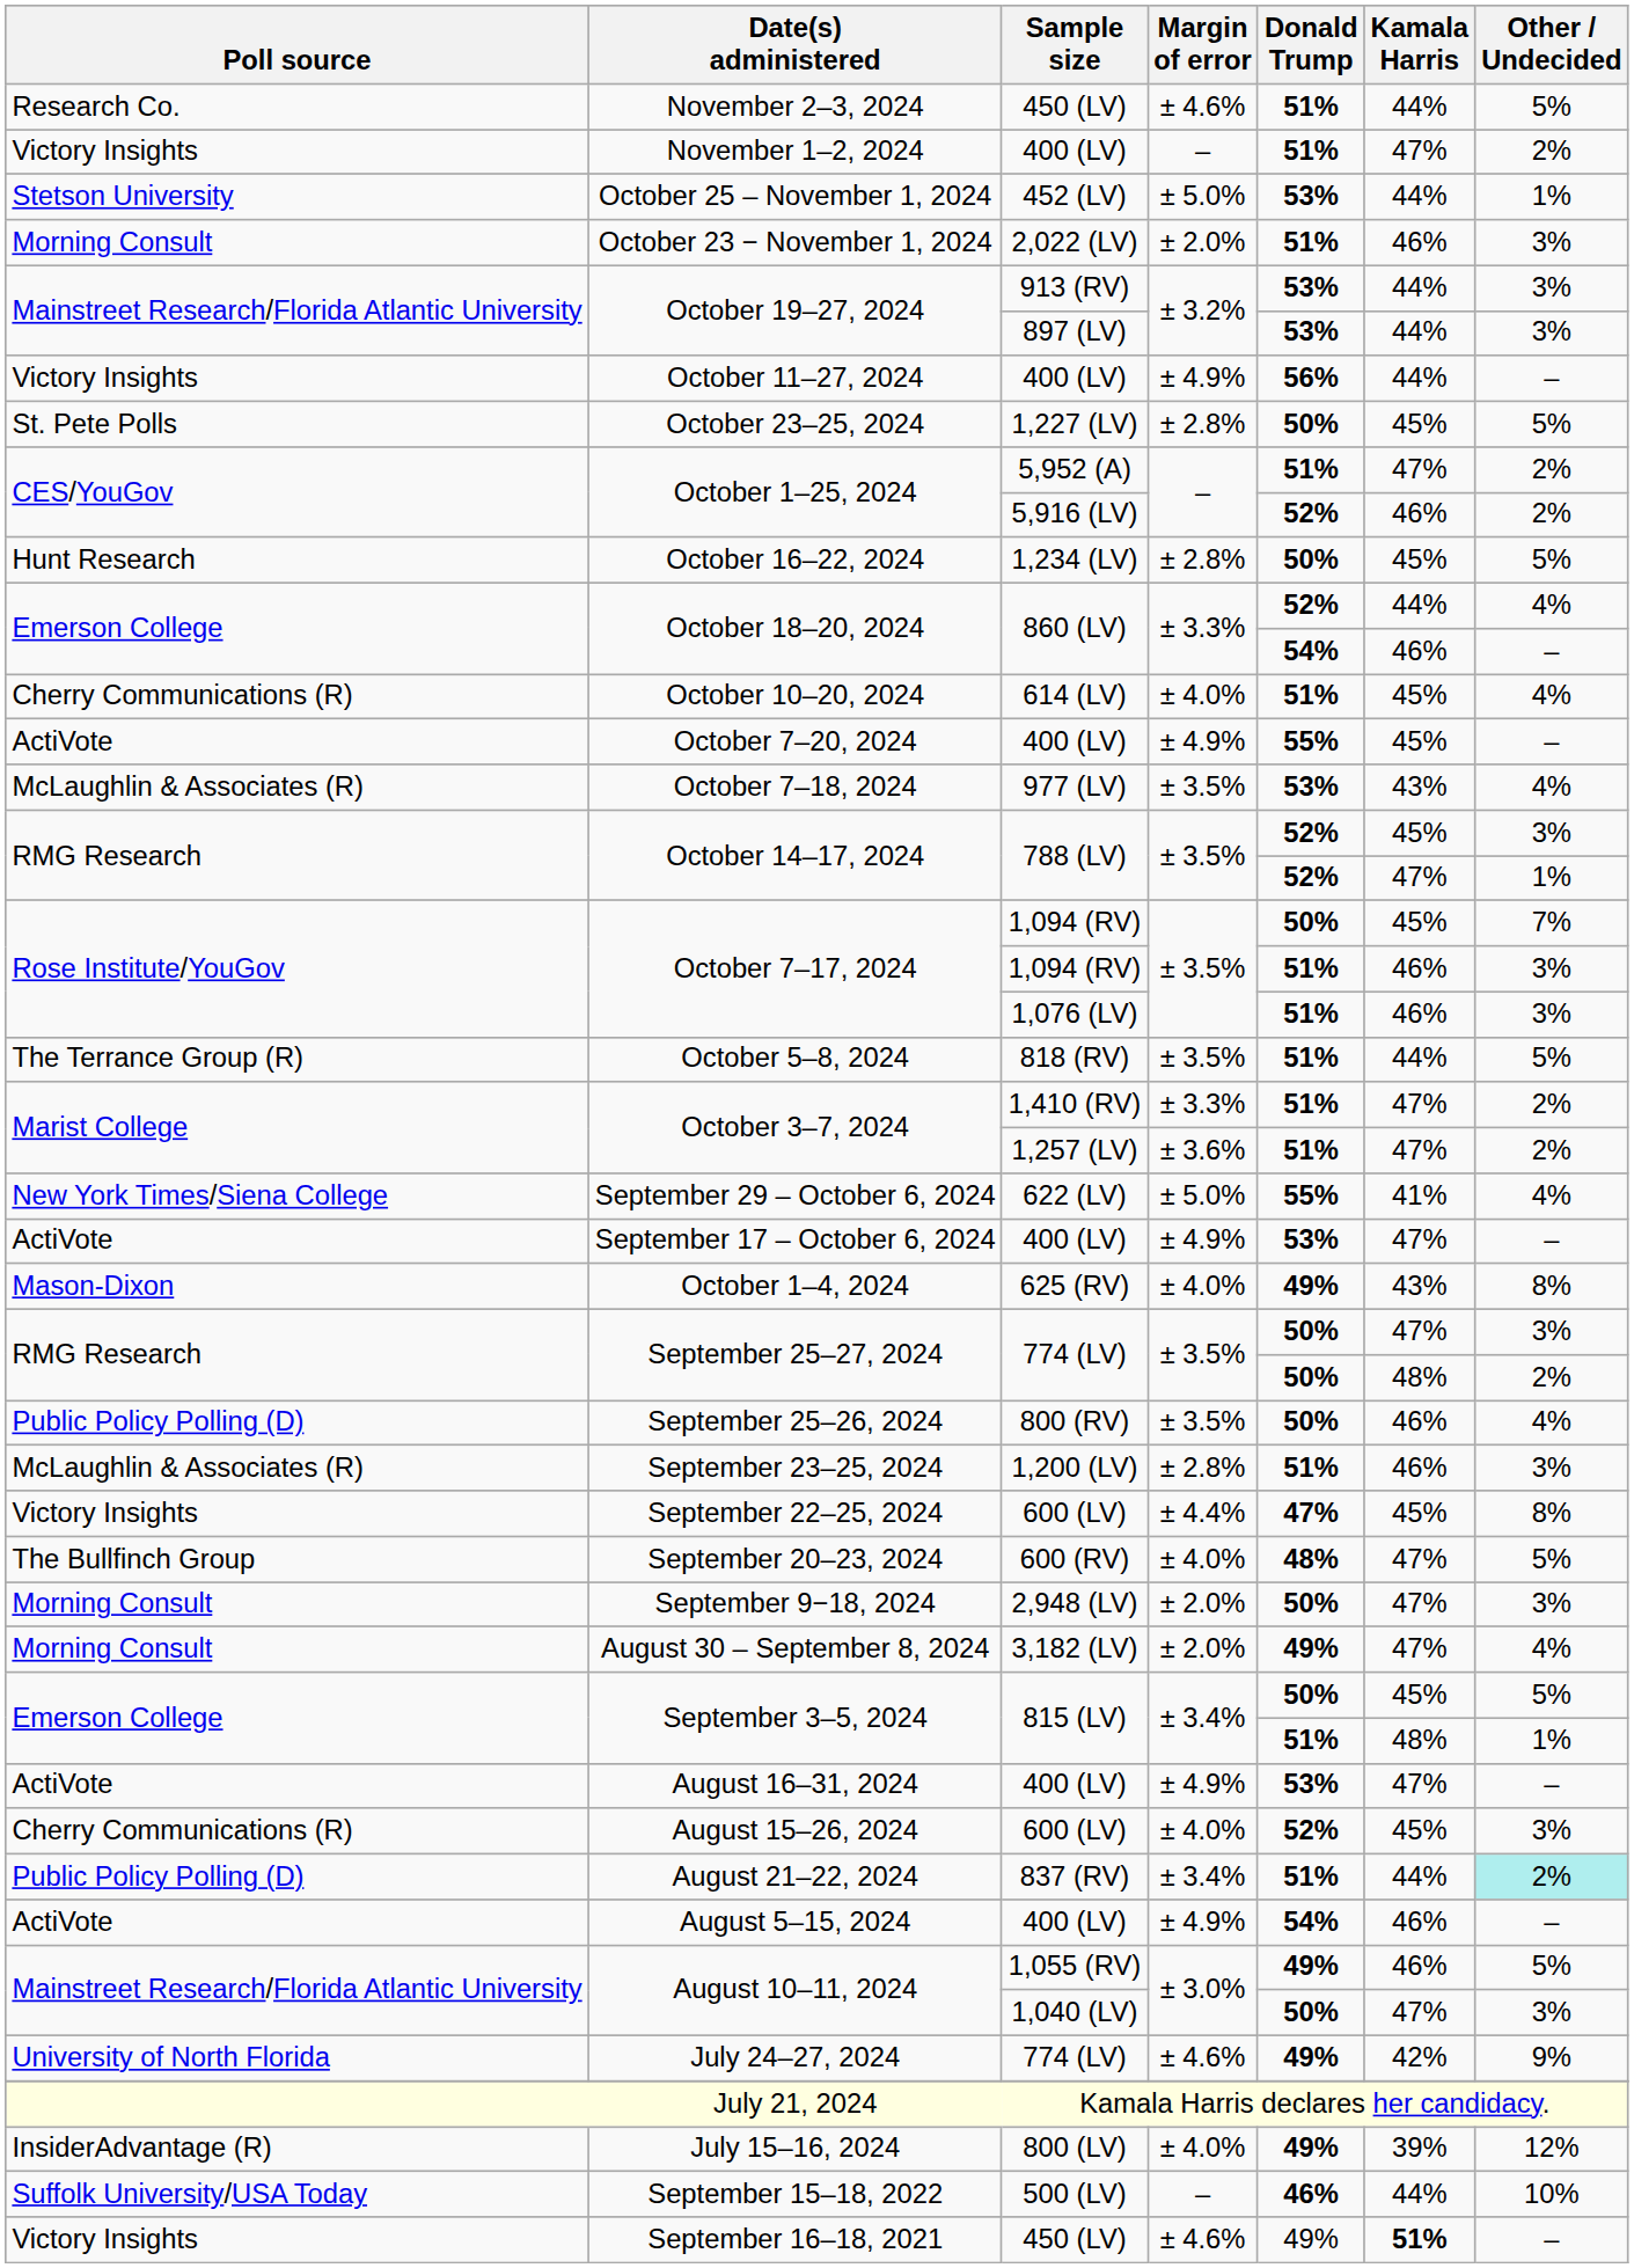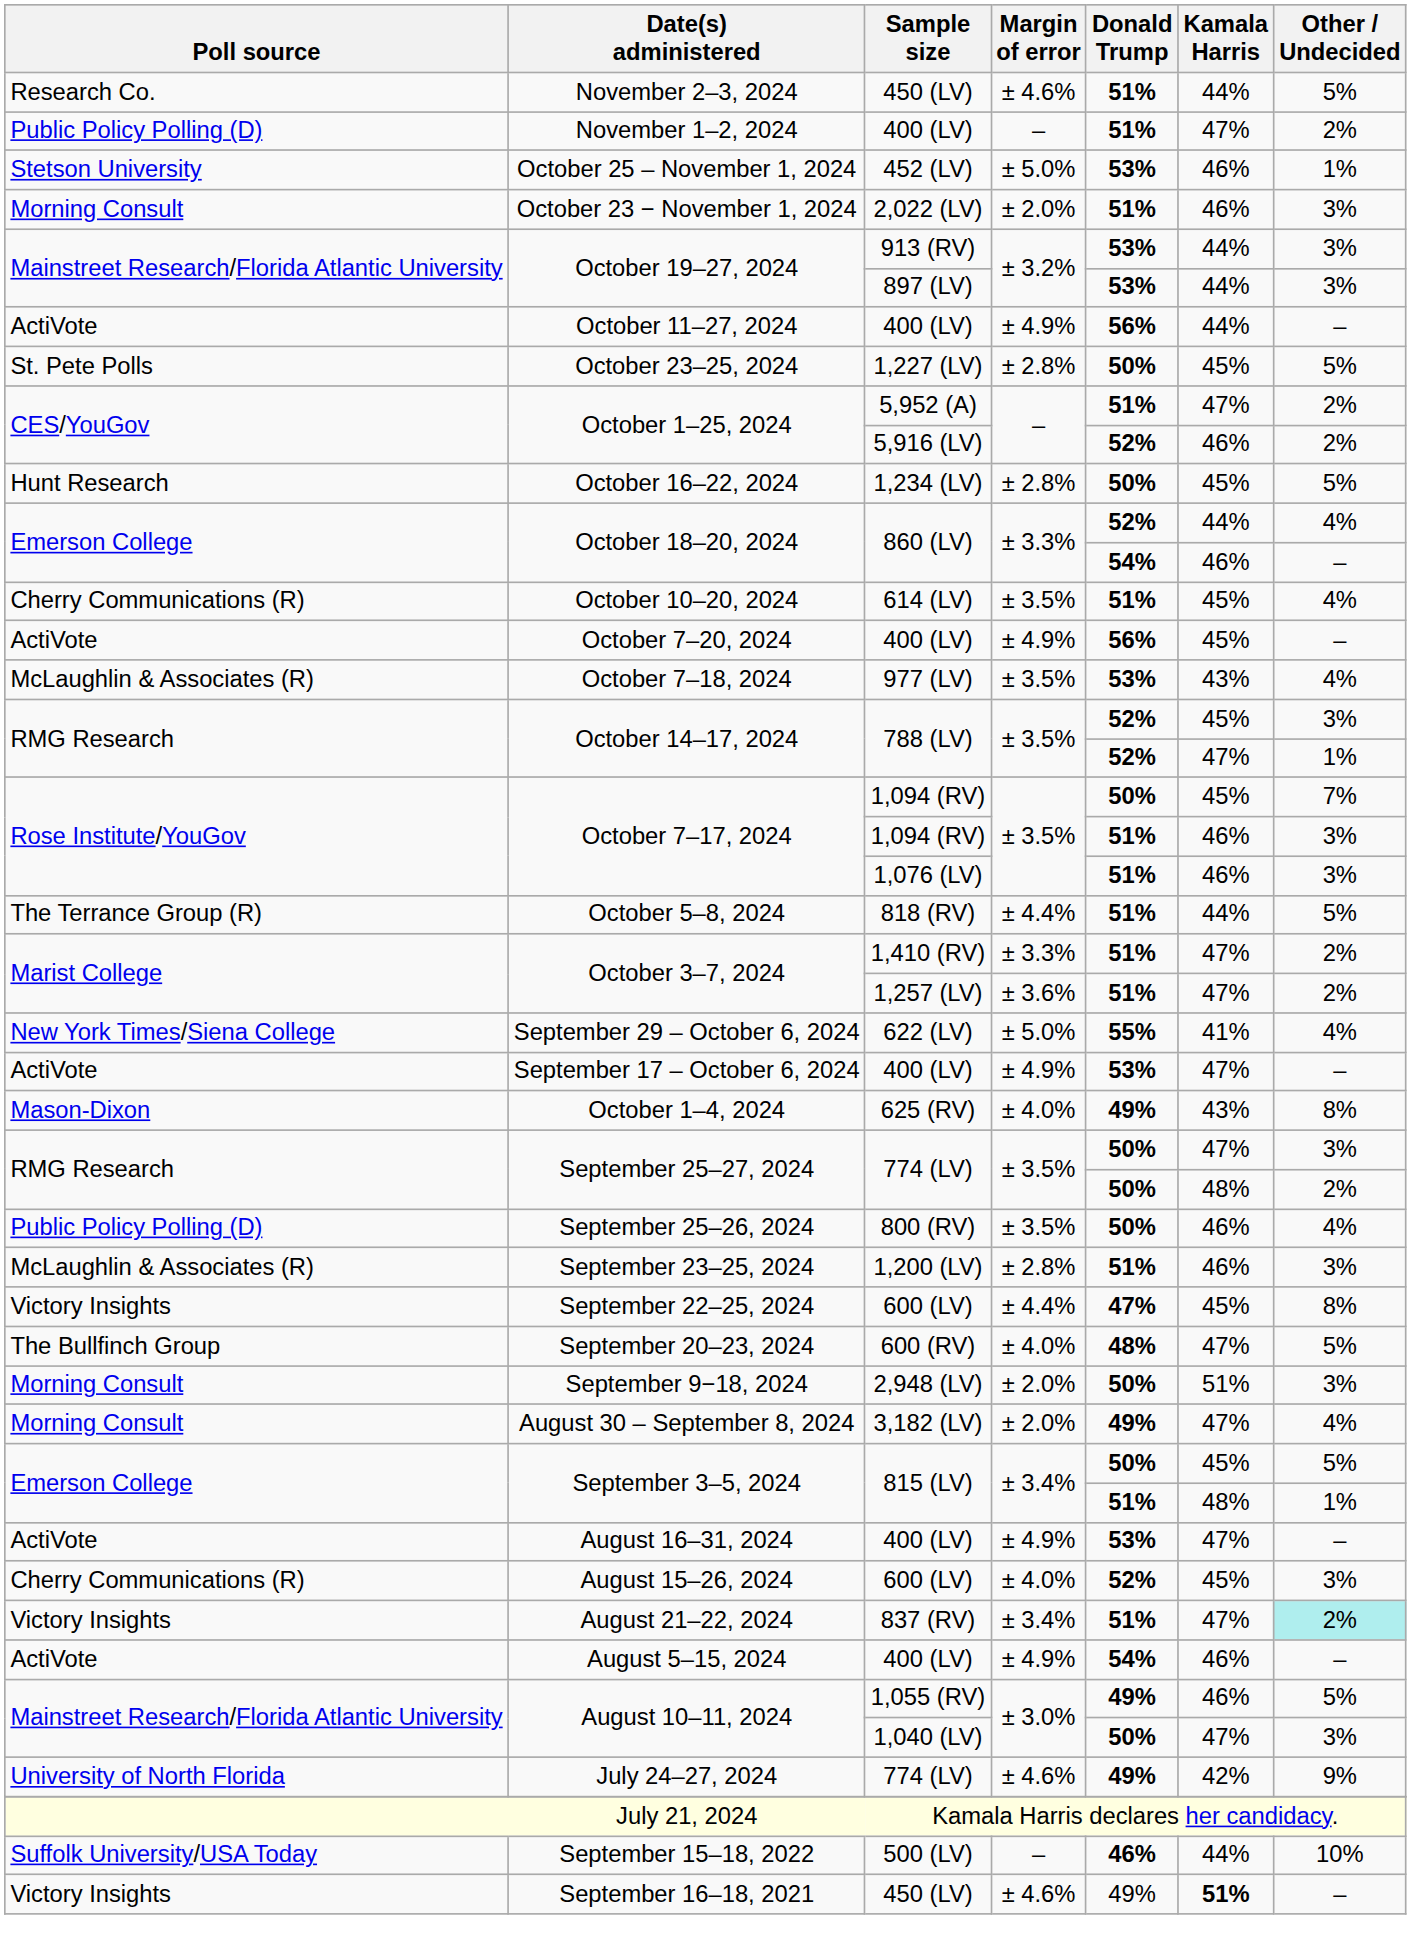 <table class="wikitable sortable mw-datatable" style="font-size:90%;text-align:center;line-height:17px">
 <tr valign="bottom">
 <th>Poll source</th>
 <th>Date(s)<br>administered</th>
 <th>Sample<br>size</th>
 <th>Margin<br>of error</th>
 <th class="unsortable">Donald<br>Trump<br></th>
 <th class="unsortable">Kamala<br>Harris<br></th>
 <th class="unsortable">Other /<br>Undecided</th>
 </tr>
 <tr>
 <td style="text-align:left;">Research Co.</td>
 <td data-sort-value="2024-11-03">November 2–3, 2024</td>
 <td>450 (LV)</td>
 <td>± 4.6%</td>
 <td style="background-color:"><strong>51%</strong></td>
 <td>44%</td>
 <td>5%</td>
 </tr>
 <tr>
-<td style="text-align:left;">Victory Insights</td>
+<td style="text-align:left;"><a href='#'>Public Policy Polling (D)</a></td>
 <td data-sort-value="2024-11-02">November 1–2, 2024</td>
 <td>400 (LV)</td>
 <td>–</td>
 <td style="background-color:"><strong>51%</strong></td>
 <td>47%</td>
 <td>2%</td>
 </tr>
 <tr>
 <td style="text-align:left;"><a href='#'>Stetson University</a></td>
 <td data-sort-value="2024-10-27">October 25 – November 1, 2024</td>
 <td>452 (LV)</td>
 <td>± 5.0%</td>
 <td style="background-color:"><strong>53%</strong></td>
-<td>44%</td>
+<td>46%</td>
 <td>1%</td>
 </tr>
 <tr>
 <td style="text-align:left;"><a href='#'>Morning Consult</a></td>
 <td data-sort-value="2024-11-01">October 23 − November 1, 2024</td>
 <td>2,022 (LV)</td>
 <td>± 2.0%</td>
 <td style="background-color:"><strong>51%</strong></td>
 <td>46%</td>
 <td>3%</td>
 </tr>
 <tr>
 <td rowspan="2" style="text-align:left;"><a href='#'>Mainstreet Research</a>/<a href='#'>Florida Atlantic University</a></td>
 <td rowspan="2">October 19–27, 2024</td>
 <td>913 (RV)</td>
 <td rowspan="2">± 3.2%</td>
 <td style="background-color:"><strong>53%</strong></td>
 <td>44%</td>
 <td>3%</td>
 </tr>
 <tr>
 <td>897 (LV)</td>
 <td style="background-color:"><strong>53%</strong></td>
 <td>44%</td>
 <td>3%</td>
 </tr>
 <tr>
-<td style="text-align:left;">Victory Insights</td>
+<td style="text-align:left;">ActiVote</td>
 <td data-sort-value="2024-10-27">October 11–27, 2024</td>
 <td>400 (LV)</td>
 <td>± 4.9%</td>
 <td style="background-color:"><strong>56%</strong></td>
 <td>44%</td>
 <td>–</td>
 </tr>
 <tr>
 <td style="text-align:left;">St. Pete Polls</td>
 <td data-sort-value="2024-10-25">October 23–25, 2024</td>
 <td>1,227 (LV)</td>
 <td>± 2.8%</td>
 <td style="background-color:"><strong>50%</strong></td>
 <td>45%</td>
 <td>5%</td>
 </tr>
 <tr>
 <td rowspan="2" style="text-align:left;"><a href='#'>CES</a>/<a href='#'>YouGov</a></td>
 <td rowspan="2">October 1–25, 2024</td>
 <td>5,952 (A)</td>
 <td rowspan="2">–</td>
 <td style="background-color:"><strong>51%</strong></td>
 <td>47%</td>
 <td>2%</td>
 </tr>
 <tr>
 <td>5,916 (LV)</td>
 <td style="background-color:"><strong>52%</strong></td>
 <td>46%</td>
 <td>2%</td>
 </tr>
 <tr>
 <td style="text-align:left;">Hunt Research</td>
 <td data-sort-value="2024-10-20">October 16–22, 2024</td>
 <td>1,234 (LV)</td>
 <td>± 2.8%</td>
 <td style="background-color:"><strong>50%</strong></td>
 <td>45%</td>
 <td>5%</td>
 </tr>
 <tr>
 <td rowspan="2" style="text-align:left;"><a href='#'>Emerson College</a></td>
 <td rowspan="2">October 18–20, 2024</td>
 <td rowspan="2">860 (LV)</td>
 <td rowspan="2">± 3.3%</td>
 <td style="background-color:"><strong>52%</strong></td>
 <td>44%</td>
 <td>4%</td>
 </tr>
 <tr>
 <td style="background-color:"><strong>54%</strong></td>
 <td>46%</td>
 <td>–</td>
 </tr>
 <tr>
 <td style="text-align:left;">Cherry Communications (R)</td>
 <td data-sort-value="2024-10-20">October 10–20, 2024</td>
 <td>614 (LV)</td>
-<td>± 4.0%</td>
+<td>± 3.5%</td>
 <td style="background-color:"><strong>51%</strong></td>
 <td>45%</td>
 <td>4%</td>
 </tr>
 <tr>
 <td style="text-align:left;">ActiVote</td>
 <td data-sort-value="2024-10-20">October 7–20, 2024</td>
 <td>400 (LV)</td>
 <td>± 4.9%</td>
-<td style="background-color:"><strong>55%</strong></td>
+<td style="background-color:"><strong>56%</strong></td>
 <td>45%</td>
 <td>–</td>
 </tr>
 <tr>
 <td style="text-align:left;">McLaughlin & Associates (R)</td>
 <td data-sort-value="2024-10-18">October 7–18, 2024</td>
 <td>977 (LV)</td>
 <td>± 3.5%</td>
 <td style="background-color:"><strong>53%</strong></td>
 <td>43%</td>
 <td>4%</td>
 </tr>
 <tr>
 <td rowspan="2" style="text-align:left;">RMG Research</td>
 <td rowspan="2">October 14–17, 2024</td>
 <td rowspan="2">788 (LV)</td>
 <td rowspan="2">± 3.5%</td>
 <td style="background-color:"><strong>52%</strong></td>
 <td>45%</td>
 <td>3%</td>
 </tr>
 <tr>
 <td style="background-color:"><strong>52%</strong></td>
 <td>47%</td>
 <td>1%</td>
 </tr>
 <tr>
 <td rowspan="3" style="text-align:left;"><a href='#'>Rose Institute</a>/<a href='#'>YouGov</a></td>
 <td rowspan="3">October 7–17, 2024</td>
 <td>1,094 (RV)</td>
 <td rowspan="3">± 3.5%</td>
 <td style="background-color:"><strong>50%</strong></td>
 <td>45%</td>
 <td>7%</td>
 </tr>
 <tr>
 <td>1,094 (RV)</td>
 <td style="background-color:"><strong>51%</strong></td>
 <td>46%</td>
 <td>3%</td>
 </tr>
 <tr>
 <td>1,076 (LV)</td>
 <td style="background-color:"><strong>51%</strong></td>
 <td>46%</td>
 <td>3%</td>
 </tr>
 <tr>
 <td style="text-align:left;">The Terrance Group (R)</td>
 <td data-sort-value="2024-10-08">October 5–8, 2024</td>
 <td>818 (RV)</td>
-<td>± 3.5%</td>
+<td>± 4.4%</td>
 <td style="background-color:"><strong>51%</strong></td>
 <td>44%</td>
 <td>5%</td>
 </tr>
 <tr>
 <td rowspan="2" style="text-align:left;"><a href='#'>Marist College</a></td>
 <td rowspan="2">October 3–7, 2024</td>
 <td>1,410 (RV)</td>
 <td>± 3.3%</td>
 <td style="background-color:"><strong>51%</strong></td>
 <td>47%</td>
 <td>2%</td>
 </tr>
 <tr>
 <td>1,257 (LV)</td>
 <td>± 3.6%</td>
 <td style="background-color:"><strong>51%</strong></td>
 <td>47%</td>
 <td>2%</td>
 </tr>
 <tr>
 <td style="text-align:left;"><a href='#'>New York Times</a>/<a href='#'>Siena College</a></td>
 <td data-sort-value="2024-10-06">September 29 – October 6, 2024</td>
 <td>622 (LV)</td>
 <td>± 5.0%</td>
 <td style="background-color:"><strong>55%</strong></td>
 <td>41%</td>
 <td>4%</td>
 </tr>
 <tr>
 <td style="text-align:left;">ActiVote</td>
 <td data-sort-value="2024-09-25">September 17 – October 6, 2024</td>
 <td>400 (LV)</td>
 <td>± 4.9%</td>
 <td style="background-color:"><strong>53%</strong></td>
 <td>47%</td>
 <td>–</td>
 </tr>
 <tr>
 <td style="text-align:left;"><a href='#'>Mason-Dixon</a></td>
 <td data-sort-value="2024-10-06">October 1–4, 2024</td>
 <td>625 (RV)</td>
 <td>± 4.0%</td>
 <td style="background-color:"><strong>49%</strong></td>
 <td>43%</td>
 <td>8%</td>
 </tr>
 <tr>
 <td rowspan="2" style="text-align:left;">RMG Research</td>
 <td rowspan="2">September 25–27, 2024</td>
 <td rowspan="2">774 (LV)</td>
 <td rowspan="2">± 3.5%</td>
 <td style="background-color:"><strong>50%</strong></td>
 <td>47%</td>
 <td>3%</td>
 </tr>
 <tr>
 <td style="background-color:"><strong>50%</strong></td>
 <td>48%</td>
 <td>2%</td>
 </tr>
 <tr>
 <td style="text-align:left;"><a href='#'>Public Policy Polling (D)</a></td>
 <td data-sort-value="2024-09-25">September 25–26, 2024</td>
 <td>800 (RV)</td>
 <td>± 3.5%</td>
 <td style="background-color:"><strong>50%</strong></td>
 <td>46%</td>
 <td>4%</td>
 </tr>
 <tr>
 <td style="text-align:left;">McLaughlin & Associates (R)</td>
 <td data-sort-value="2024-09-25">September 23–25, 2024</td>
 <td>1,200 (LV)</td>
 <td>± 2.8%</td>
 <td style="background-color:"><strong>51%</strong></td>
 <td>46%</td>
 <td>3%</td>
 </tr>
 <tr>
 <td style="text-align:left;">Victory Insights</td>
 <td data-sort-value="2024-09-25">September 22–25, 2024</td>
 <td>600 (LV)</td>
 <td>± 4.4%</td>
 <td style="background-color:"><strong>47%</strong></td>
 <td>45%</td>
 <td>8%</td>
 </tr>
 <tr>
 <td style="text-align:left;">The Bullfinch Group</td>
 <td data-sort-value="2024-09-23">September 20–23, 2024</td>
 <td>600 (RV)</td>
 <td>± 4.0%</td>
 <td style="background-color:"><strong>48%</strong></td>
 <td>47%</td>
 <td>5%</td>
 </tr>
 <tr>
 <td style="text-align:left;"><a href='#'>Morning Consult</a></td>
 <td data-sort-value="2024-09-18">September 9−18, 2024</td>
 <td>2,948 (LV)</td>
 <td>± 2.0%</td>
 <td style="background-color:"><strong>50%</strong></td>
-<td>47%</td>
+<td>51%</td>
 <td>3%</td>
 </tr>
 <tr>
 <td style="text-align:left;"><a href='#'>Morning Consult</a></td>
 <td data-sort-value="2024-09-08">August 30 – September 8, 2024</td>
 <td>3,182 (LV)</td>
 <td>± 2.0%</td>
 <td style="background-color:"><strong>49%</strong></td>
 <td>47%</td>
 <td>4%</td>
 </tr>
 <tr>
 <td rowspan="2" style="text-align:left;"><a href='#'>Emerson College</a></td>
 <td rowspan="2">September 3–5, 2024</td>
 <td rowspan="2">815 (LV)</td>
 <td rowspan="2">± 3.4%</td>
 <td style="background-color:"><strong>50%</strong></td>
 <td>45%</td>
 <td>5%</td>
 </tr>
 <tr>
 <td style="background-color:"><strong>51%</strong></td>
 <td>48%</td>
 <td>1%</td>
 </tr>
 <tr>
 <td style="text-align:left;">ActiVote</td>
 <td data-sort-value="2024-08-26">August 16–31, 2024</td>
 <td>400 (LV)</td>
 <td>± 4.9%</td>
 <td style="background-color:"><strong>53%</strong></td>
 <td>47%</td>
 <td>–</td>
 </tr>
 <tr>
 <td style="text-align:left;">Cherry Communications (R)</td>
 <td data-sort-value="2024-08-26">August 15–26, 2024</td>
 <td>600 (LV)</td>
 <td>± 4.0%</td>
 <td style="background-color:"><strong>52%</strong></td>
 <td>45%</td>
 <td>3%</td>
 </tr>
 <tr>
-<td style="text-align:left;"><a href='#'>Public Policy Polling (D)</a></td>
+<td style="text-align:left;">Victory Insights</td>
 <td data-sort-value="2024-08-22">August 21–22, 2024</td>
 <td>837 (RV)</td>
 <td>± 3.4%</td>
 <td style="background-color:"><strong>51%</strong></td>
-<td>44%</td>
+<td>47%</td>
 <td style="background: paleturquoise;">2%</td>
 </tr>
 <tr>
 <td style="text-align:left;">ActiVote</td>
 <td data-sort-value="2024-08-15">August 5–15, 2024</td>
 <td>400 (LV)</td>
 <td>± 4.9%</td>
 <td style="background-color:"><strong>54%</strong></td>
 <td>46%</td>
 <td>–</td>
 </tr>
 <tr>
 <td rowspan="2" style="text-align:left;"><a href='#'>Mainstreet Research</a>/<a href='#'>Florida Atlantic University</a></td>
 <td rowspan="2">August 10–11, 2024</td>
 <td>1,055 (RV)</td>
 <td rowspan="2">± 3.0%</td>
 <td style="background-color:"><strong>49%</strong></td>
 <td>46%</td>
 <td>5%</td>
 </tr>
 <tr>
 <td>1,040 (LV)</td>
 <td style="background-color:"><strong>50%</strong></td>
 <td>47%</td>
 <td>3%</td>
 </tr>
 <tr>
 <td style="text-align:left;"><a href='#'>University of North Florida</a></td>
 <td data-sort-value="2024-07-27">July 24–27, 2024</td>
 <td>774 (LV)</td>
 <td>± 4.6%</td>
 <td style="background-color:"><strong>49%</strong></td>
 <td>42%</td>
 <td>9%</td>
 </tr>
 <tr>
 </tr>
 <tr style="background:lightyellow;">
 <td style="border-right-style:hidden; background:lightyellow;"></td>
 <td style="border-right-style:hidden; " data-sort-value="2024-07-21">July 21, 2024</td>
 <td colspan="5">Kamala Harris declares <a href='#'>her candidacy</a>.</td>
 </tr>
 <tr>
-<td style="text-align:left;">InsiderAdvantage (R)</td>
-<td data-sort-value="2024-07-17">July 15–16, 2024</td>
-<td>800 (LV)</td>
-<td>± 4.0%</td>
-<td style="background-color:"><strong>49%</strong></td>
-<td>39%</td>
-<td>12%</td>
-</tr>
-<tr>
 <td style="text-align:left;"><a href='#'>Suffolk University</a>/<a href='#'>USA Today</a></td>
 <td data-sort-value="2022-09-18">September 15–18, 2022</td>
 <td>500 (LV)</td>
 <td>–</td>
 <td style="background-color:"><strong>46%</strong></td>
 <td>44%</td>
 <td>10%</td>
 </tr>
 <tr>
 <td style="text-align:left;">Victory Insights</td>
 <td data-sort-value="2021-09-18">September 16–18, 2021</td>
 <td>450 (LV)</td>
 <td>± 4.6%</td>
 <td>49%</td>
 <td style="color:black;background-color:"><strong>51%</strong></td>
 <td>–</td>
 </tr>
 </table>
